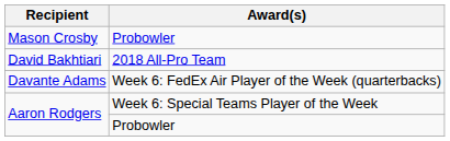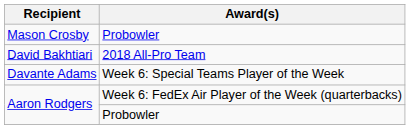 <table class="wikitable">
 <tr>
 <th>Recipient</th>
 <th>Award(s)</th>
 </tr>
 <tr>
 <td><a href='#'>Mason Crosby</a></td>
 <td><a href='#'>Probowler</a></td>
 </tr>
 <tr>
 <td><a href='#'>David Bakhtiari</a></td>
 <td><a href='#'>2018 All-Pro Team</a></td>
 </tr>
 <tr>
 <td><a href='#'>Davante Adams</a></td>
-<td>Week 6: FedEx Air Player of the Week (quarterbacks)</td>
+<td>Week 6: Special Teams Player of the Week</td>
 </tr>
 <tr>
 <td rowspan=2><a href='#'>Aaron Rodgers</a></td>
-<td>Week 6: Special Teams Player of the Week</td>
+<td>Week 6: FedEx Air Player of the Week (quarterbacks)</td>
 </tr>
 <tr>
 <td>Probowler</td>
 </tr>
 </table>
